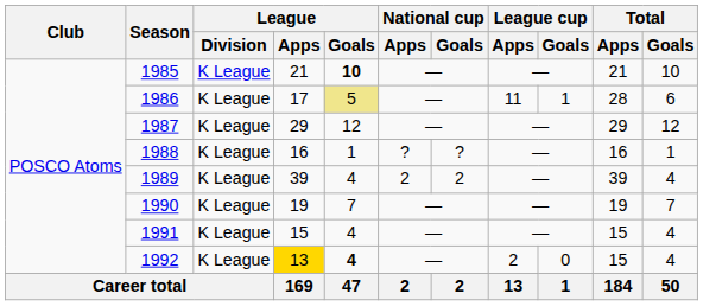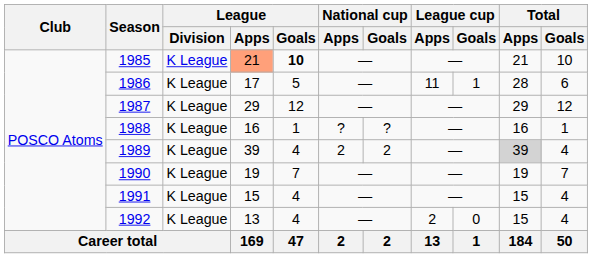 <table class="wikitable" style="text-align:center;">
 <tr>
 <th rowspan="2">Club</th>
 <th rowspan="2">Season</th>
 <th colspan="3">League</th>
 <th colspan="2">National cup</th>
 <th colspan="2">League cup</th>
 <th colspan="2">Total</th>
 </tr>
 <tr style="background:beige">
 <th>Division</th>
 <th>Apps</th>
 <th>Goals</th>
 <th>Apps</th>
 <th>Goals</th>
 <th>Apps</th>
 <th>Goals</th>
 <th>Apps</th>
 <th>Goals</th>
 </tr>
 <tr>
 <td rowspan="8"><a href='#'>POSCO Atoms</a></td>
 <td><a href='#'>1985</a></td>
 <td><a href='#'>K League</a></td>
-<td>21</td>
+<td style="background: lightsalmon;">21</td>
 <td><strong>10</strong></td>
 <td colspan=2>—</td>
 <td colspan=2>—</td>
 <td>21</td>
 <td>10</td>
 </tr>
 <tr>
 <td><a href='#'>1986</a></td>
 <td>K League</td>
 <td>17</td>
-<td style="background: khaki;">5</td>
+<td>5</td>
 <td colspan=2>—</td>
 <td>11</td>
 <td>1</td>
 <td>28</td>
 <td>6</td>
 </tr>
 <tr>
 <td><a href='#'>1987</a></td>
 <td>K League</td>
 <td>29</td>
 <td>12</td>
 <td colspan=2>—</td>
 <td colspan=2>—</td>
 <td>29</td>
 <td>12</td>
 </tr>
 <tr>
 <td><a href='#'>1988</a></td>
 <td>K League</td>
 <td>16</td>
 <td>1</td>
 <td>?</td>
 <td>?</td>
 <td colspan=2>—</td>
 <td>16</td>
 <td>1</td>
 </tr>
 <tr>
 <td><a href='#'>1989</a></td>
 <td>K League</td>
 <td>39</td>
 <td>4</td>
 <td>2</td>
 <td>2</td>
 <td colspan=2>—</td>
-<td>39</td>
+<td style="background: lightgrey;">39</td>
 <td>4</td>
 </tr>
 <tr>
 <td><a href='#'>1990</a></td>
 <td>K League</td>
 <td>19</td>
 <td>7</td>
 <td colspan=2>—</td>
 <td colspan=2>—</td>
 <td>19</td>
 <td>7</td>
 </tr>
 <tr>
 <td><a href='#'>1991</a></td>
 <td>K League</td>
 <td>15</td>
 <td>4</td>
 <td colspan=2>—</td>
 <td colspan=2>—</td>
 <td>15</td>
 <td>4</td>
 </tr>
 <tr>
 <td><a href='#'>1992</a></td>
 <td>K League</td>
-<td style="background: gold;">13</td>
-<td><strong>4</strong></td>
+<td>13</td>
+<td>4</td>
 <td colspan=2>—</td>
 <td>2</td>
 <td>0</td>
 <td>15</td>
 <td>4</td>
 </tr>
 <tr>
 <th colspan="3">Career total</th>
 <th>169</th>
 <th>47</th>
 <th>2</th>
 <th>2</th>
 <th>13</th>
 <th>1</th>
 <th>184</th>
 <th>50</th>
 </tr>
 </table>
